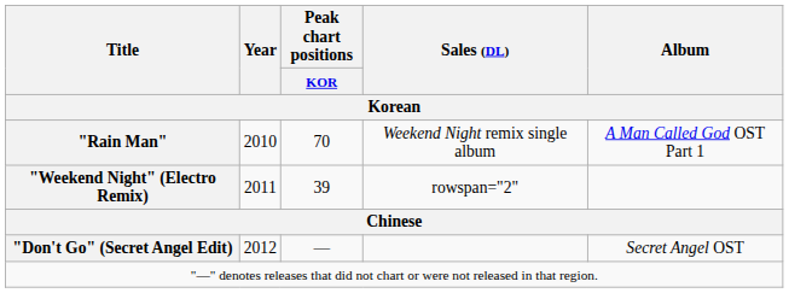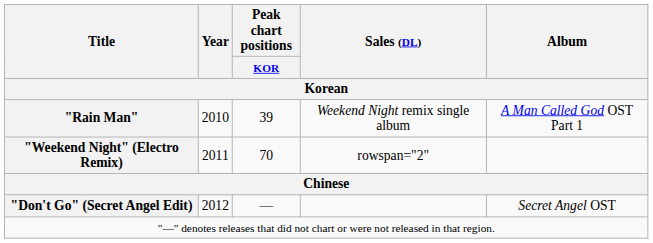 <table class="wikitable plainrowheaders" style="text-align:center; width:60%;">
 <tr>
 <th scope="col" rowspan="2">Title</th>
 <th scope="col" rowspan="2">Year</th>
 <th scope="col" colspan="1">Peak chart <br> positions</th>
 <th scope="col" rowspan="2">Sales <small>(<a href='#'>DL</a>)</small></th>
 <th scope="col" rowspan="2">Album</th>
 </tr>
 <tr>
 <th><small><a href='#'>KOR</a></small><br></th>
 </tr>
 <tr>
 <th colspan="5">Korean</th>
 </tr>
 <tr>
 <th scope="row">"Rain Man"<br></th>
 <td>2010</td>
-<td>70</td>
+<td>39</td>
 <td><em>Weekend Night</em> remix single album</td>
 <td><em><a href='#'>A Man Called God</a></em> OST Part 1</td>
 </tr>
 <tr>
 <th scope="row">"Weekend Night" (Electro Remix)</th>
 <td>2011</td>
-<td>39</td>
+<td>70</td>
 <td>rowspan="2" </td>
 </tr>
 <tr>
 <th colspan="5">Chinese</th>
 </tr>
 <tr>
 <th scope="row">"Don't Go" (Secret Angel Edit)</th>
 <td>2012</td>
 <td>—</td>
 <td></td>
 <td><em>Secret Angel</em> OST</td>
 </tr>
 <tr>
 <td colspan="5" align="center"><small>"—" denotes releases that did not chart or were not released in that region.</small></td>
 </tr>
 </table>
